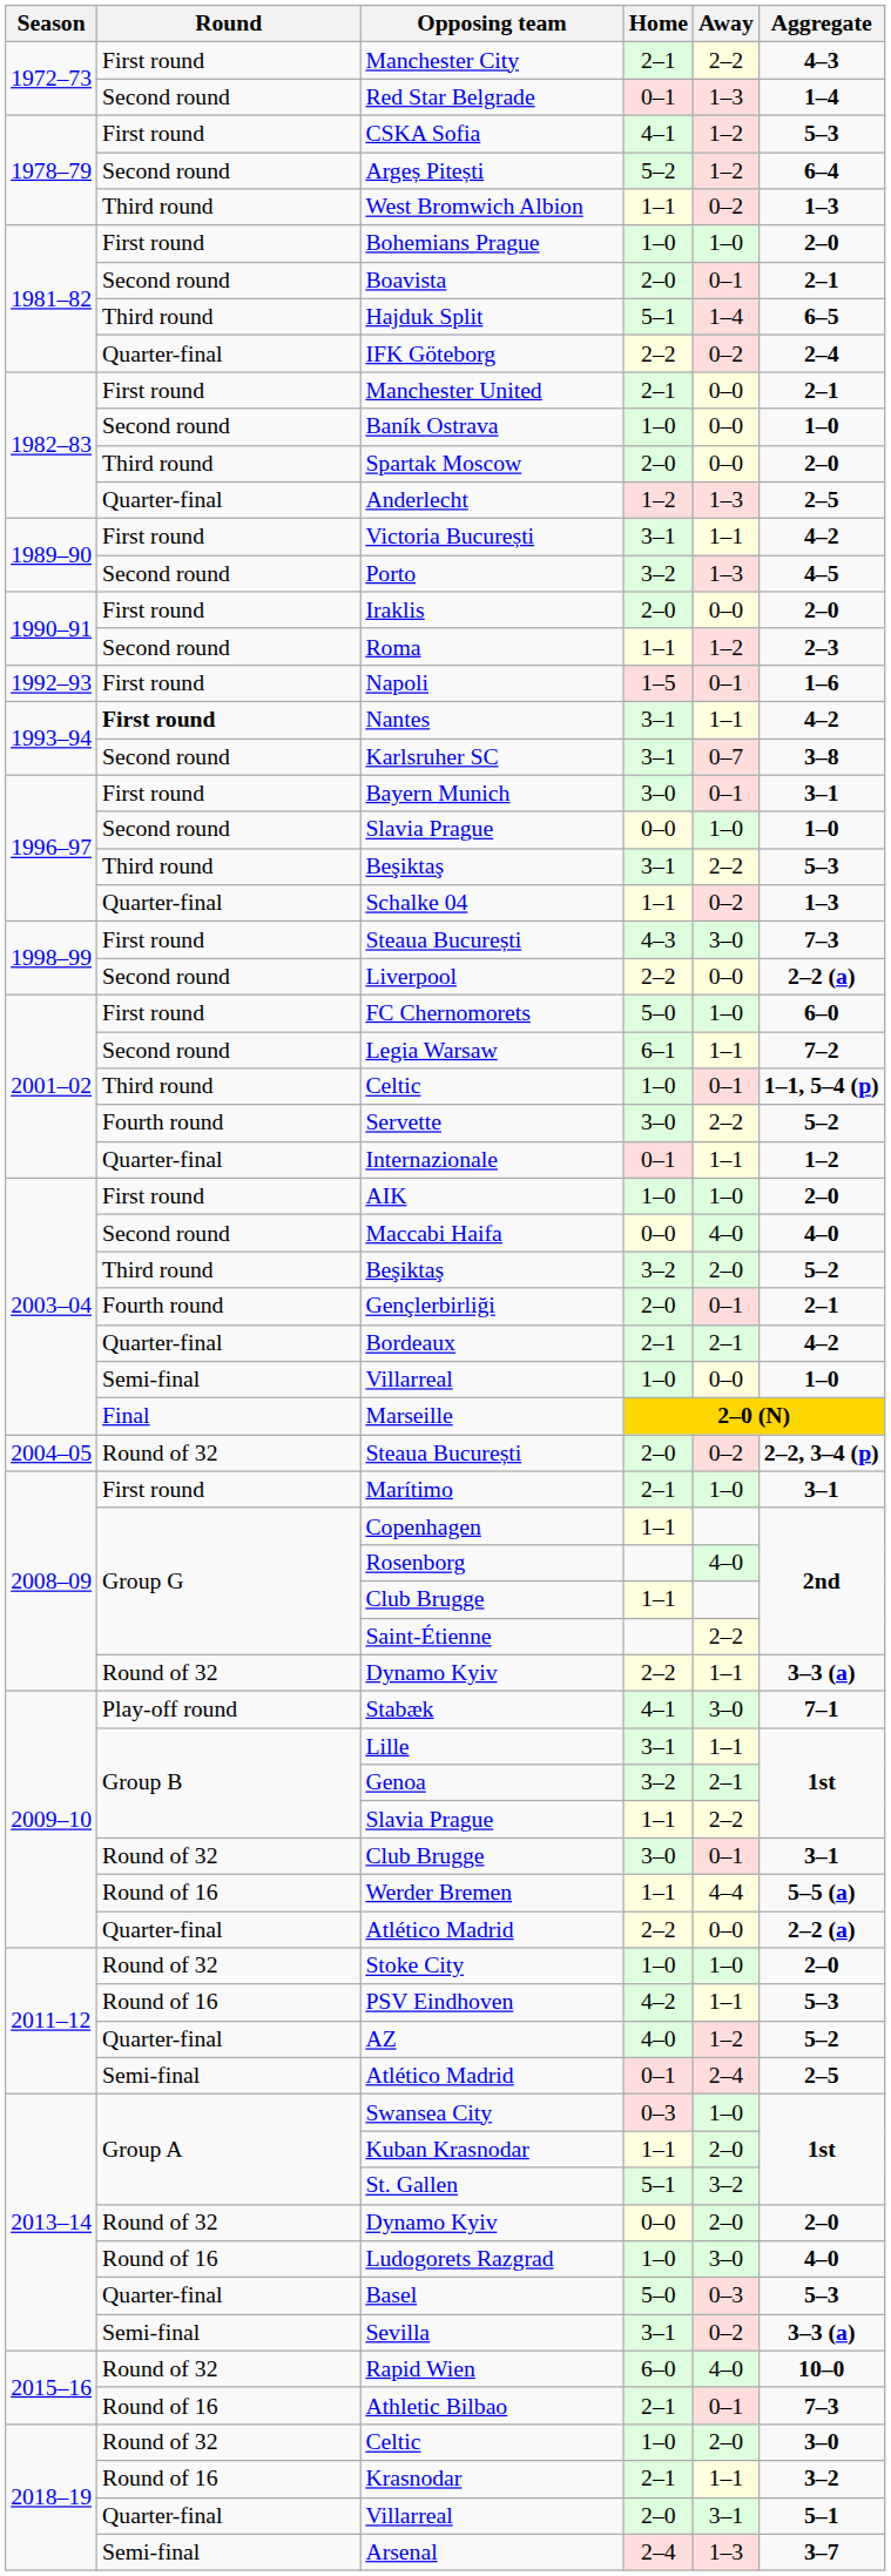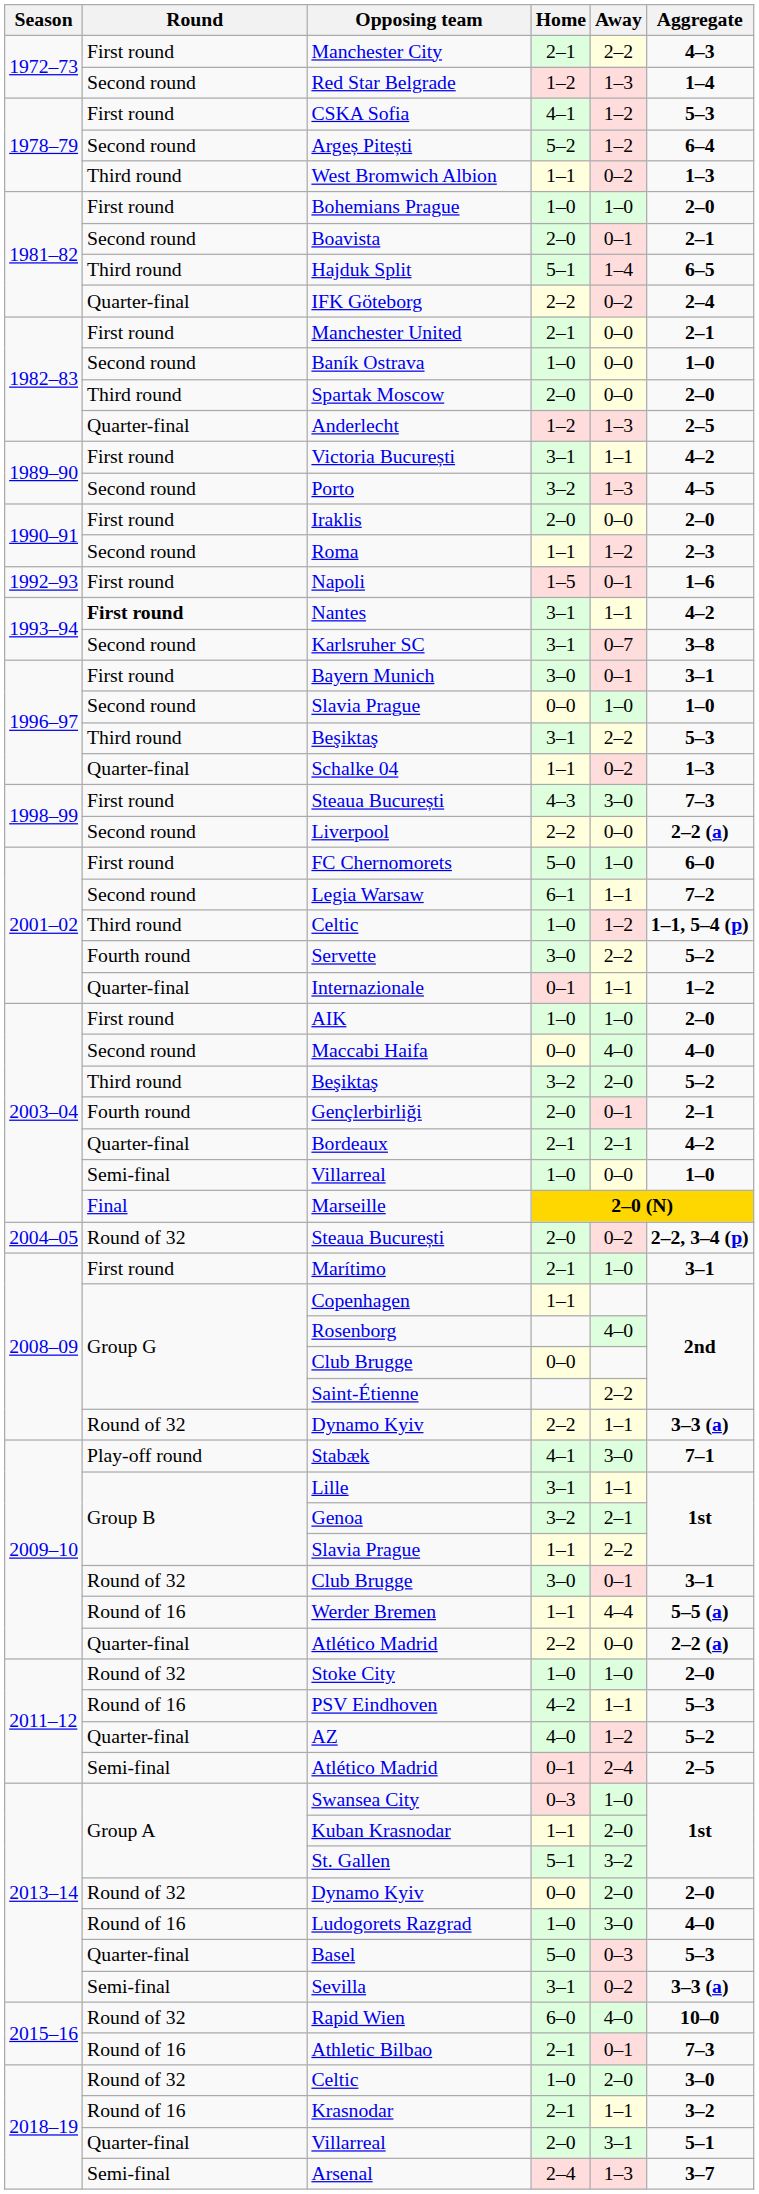 <table class="wikitable">
 <tr>
 <th>Season</th>
 <th width=175>Round</th>
 <th width=175>Opposing team</th>
 <th>Home</th>
 <th>Away</th>
 <th>Aggregate</th>
 </tr>
 <tr>
 <td rowspan="2"><a href='#'>1972–73</a></td>
 <td>First round</td>
 <td> <a href='#'>Manchester City</a></td>
 <td style="text-align:center; background:#dfd;">2–1</td>
 <td style="text-align:center; background:#ffd;">2–2</td>
 <td style="text-align:center;"><strong>4–3</strong></td>
 </tr>
 <tr>
 <td>Second round</td>
 <td> <a href='#'>Red Star Belgrade</a></td>
-<td style="text-align:center; background:#fdd;">0–1</td>
+<td style="text-align:center; background:#fdd;">1–2</td>
 <td style="text-align:center; background:#fdd;">1–3</td>
 <td style="text-align:center;"><strong>1–4</strong></td>
 </tr>
 <tr>
 <td rowspan="3"><a href='#'>1978–79</a></td>
 <td>First round</td>
 <td> <a href='#'>CSKA Sofia</a></td>
 <td style="text-align:center; background:#dfd;">4–1</td>
 <td style="text-align:center; background:#fdd;">1–2</td>
 <td style="text-align:center;"><strong>5–3</strong></td>
 </tr>
 <tr>
 <td>Second round</td>
 <td> <a href='#'>Argeș Pitești</a></td>
 <td style="text-align:center; background:#dfd;">5–2</td>
 <td style="text-align:center; background:#fdd;">1–2</td>
 <td style="text-align:center;"><strong>6–4</strong></td>
 </tr>
 <tr>
 <td>Third round</td>
 <td> <a href='#'>West Bromwich Albion</a></td>
 <td style="text-align:center; background:#ffd;">1–1</td>
 <td style="text-align:center; background:#fdd;">0–2</td>
 <td style="text-align:center;"><strong>1–3</strong></td>
 </tr>
 <tr>
 <td rowspan="4"><a href='#'>1981–82</a></td>
 <td>First round</td>
 <td> <a href='#'>Bohemians Prague</a></td>
 <td style="text-align:center; background:#dfd;">1–0</td>
 <td style="text-align:center; background:#dfd;">1–0</td>
 <td style="text-align:center;"><strong>2–0</strong></td>
 </tr>
 <tr>
 <td>Second round</td>
 <td> <a href='#'>Boavista</a></td>
 <td style="text-align:center; background:#dfd;">2–0</td>
 <td style="text-align:center; background:#fdd;">0–1</td>
 <td style="text-align:center;"><strong>2–1</strong></td>
 </tr>
 <tr>
 <td>Third round</td>
 <td> <a href='#'>Hajduk Split</a></td>
 <td style="text-align:center; background:#dfd;">5–1</td>
 <td style="text-align:center; background:#fdd;">1–4</td>
 <td style="text-align:center;"><strong>6–5</strong></td>
 </tr>
 <tr>
 <td>Quarter-final</td>
 <td> <a href='#'>IFK Göteborg</a></td>
 <td style="text-align:center; background:#ffd;">2–2</td>
 <td style="text-align:center; background:#fdd;">0–2</td>
 <td style="text-align:center;"><strong>2–4</strong></td>
 </tr>
 <tr>
 <td rowspan="4"><a href='#'>1982–83</a></td>
 <td>First round</td>
 <td> <a href='#'>Manchester United</a></td>
 <td style="text-align:center; background:#dfd;">2–1</td>
 <td style="text-align:center; background:#ffd;">0–0</td>
 <td style="text-align:center;"><strong>2–1</strong></td>
 </tr>
 <tr>
 <td>Second round</td>
 <td> <a href='#'>Baník Ostrava</a></td>
 <td style="text-align:center; background:#dfd;">1–0</td>
 <td style="text-align:center; background:#ffd;">0–0</td>
 <td style="text-align:center;"><strong>1–0</strong></td>
 </tr>
 <tr>
 <td>Third round</td>
 <td> <a href='#'>Spartak Moscow</a></td>
 <td style="text-align:center; background:#dfd;">2–0</td>
 <td style="text-align:center; background:#ffd;">0–0</td>
 <td style="text-align:center;"><strong>2–0</strong></td>
 </tr>
 <tr>
 <td>Quarter-final</td>
 <td> <a href='#'>Anderlecht</a></td>
 <td style="text-align:center; background:#fdd;">1–2</td>
 <td style="text-align:center; background:#fdd;">1–3</td>
 <td style="text-align:center;"><strong>2–5</strong></td>
 </tr>
 <tr>
 <td rowspan="2"><a href='#'>1989–90</a></td>
 <td>First round</td>
 <td> <a href='#'>Victoria București</a></td>
 <td style="text-align:center; background:#dfd;">3–1</td>
 <td style="text-align:center; background:#ffd;">1–1</td>
 <td style="text-align:center;"><strong>4–2</strong></td>
 </tr>
 <tr>
 <td>Second round</td>
 <td> <a href='#'>Porto</a></td>
 <td style="text-align:center; background:#dfd;">3–2</td>
 <td style="text-align:center; background:#fdd;">1–3</td>
 <td style="text-align:center;"><strong>4–5</strong></td>
 </tr>
 <tr>
 <td rowspan="2"><a href='#'>1990–91</a></td>
 <td>First round</td>
 <td> <a href='#'>Iraklis</a></td>
 <td style="text-align:center; background:#dfd;">2–0</td>
 <td style="text-align:center; background:#ffd;">0–0</td>
 <td style="text-align:center;"><strong>2–0</strong></td>
 </tr>
 <tr>
 <td>Second round</td>
 <td> <a href='#'>Roma</a></td>
 <td style="text-align:center; background:#ffd;">1–1</td>
 <td style="text-align:center; background:#fdd;">1–2</td>
 <td style="text-align:center;"><strong>2–3</strong></td>
 </tr>
 <tr>
 <td><a href='#'>1992–93</a></td>
 <td>First round</td>
 <td> <a href='#'>Napoli</a></td>
 <td style="text-align:center; background:#fdd;">1–5</td>
 <td style="text-align:center; background:#fdd;">0–1</td>
 <td style="text-align:center;"><strong>1–6</strong></td>
 </tr>
 <tr>
 <td rowspan="2"><a href='#'>1993–94</a></td>
 <td><strong>First round</strong></td>
 <td> <a href='#'>Nantes</a></td>
 <td style="text-align:center; background:#dfd;">3–1</td>
 <td style="text-align:center; background:#ffd;">1–1</td>
 <td style="text-align:center;"><strong>4–2</strong></td>
 </tr>
 <tr>
 <td>Second round</td>
 <td> <a href='#'>Karlsruher SC</a></td>
 <td style="text-align:center; background:#dfd;">3–1</td>
 <td style="text-align:center; background:#fdd;">0–7</td>
 <td style="text-align:center;"><strong>3–8</strong></td>
 </tr>
 <tr>
 <td rowspan="4"><a href='#'>1996–97</a></td>
 <td>First round</td>
 <td> <a href='#'>Bayern Munich</a></td>
 <td style="text-align:center; background:#dfd;">3–0</td>
 <td style="text-align:center; background:#fdd;">0–1</td>
 <td style="text-align:center;"><strong>3–1</strong></td>
 </tr>
 <tr>
 <td>Second round</td>
 <td> <a href='#'>Slavia Prague</a></td>
 <td style="text-align:center; background:#ffd;">0–0</td>
 <td style="text-align:center; background:#dfd;">1–0</td>
 <td style="text-align:center;"><strong>1–0</strong></td>
 </tr>
 <tr>
 <td>Third round</td>
 <td> <a href='#'>Beşiktaş</a></td>
 <td style="text-align:center; background:#dfd;">3–1</td>
 <td style="text-align:center; background:#ffd;">2–2</td>
 <td style="text-align:center;"><strong>5–3</strong></td>
 </tr>
 <tr>
 <td>Quarter-final</td>
 <td> <a href='#'>Schalke 04</a></td>
 <td style="text-align:center; background:#ffd;">1–1</td>
 <td style="text-align:center; background:#fdd;">0–2</td>
 <td style="text-align:center;"><strong>1–3</strong></td>
 </tr>
 <tr>
 <td rowspan="2"><a href='#'>1998–99</a></td>
 <td>First round</td>
 <td> <a href='#'>Steaua București</a></td>
 <td style="text-align:center; background:#dfd;">4–3</td>
 <td style="text-align:center; background:#dfd;">3–0</td>
 <td style="text-align:center;"><strong>7–3</strong></td>
 </tr>
 <tr>
 <td>Second round</td>
 <td> <a href='#'>Liverpool</a></td>
 <td style="text-align:center; background:#ffd;">2–2</td>
 <td style="text-align:center; background:#ffd;">0–0</td>
 <td style="text-align:center;"><strong>2–2 (<a href='#'>a</a>)</strong></td>
 </tr>
 <tr>
 <td rowspan="5"><a href='#'>2001–02</a></td>
 <td>First round</td>
 <td> <a href='#'>FC Chernomorets</a></td>
 <td style="text-align:center; background:#dfd;">5–0</td>
 <td style="text-align:center; background:#dfd;">1–0</td>
 <td style="text-align:center;"><strong>6–0</strong></td>
 </tr>
 <tr>
 <td>Second round</td>
 <td> <a href='#'>Legia Warsaw</a></td>
 <td style="text-align:center; background:#dfd;">6–1</td>
 <td style="text-align:center; background:#ffd;">1–1</td>
 <td style="text-align:center;"><strong>7–2</strong></td>
 </tr>
 <tr>
 <td>Third round</td>
 <td> <a href='#'>Celtic</a></td>
 <td style="text-align:center; background:#dfd;">1–0</td>
-<td style="text-align:center; background:#fdd;">0–1</td>
+<td style="text-align:center; background:#fdd;">1–2</td>
 <td style="text-align:center;"><strong>1–1, 5–4 (<a href='#'>p</a>)</strong></td>
 </tr>
 <tr>
 <td>Fourth round</td>
 <td> <a href='#'>Servette</a></td>
 <td style="text-align:center; background:#dfd;">3–0</td>
 <td style="text-align:center; background:#ffd;">2–2</td>
 <td style="text-align:center;"><strong>5–2</strong></td>
 </tr>
 <tr>
 <td>Quarter-final</td>
 <td> <a href='#'>Internazionale</a></td>
 <td style="text-align:center; background:#fdd;">0–1</td>
 <td style="text-align:center; background:#ffd;">1–1</td>
 <td style="text-align:center;"><strong>1–2</strong></td>
 </tr>
 <tr>
 <td rowspan="7"><a href='#'>2003–04</a></td>
 <td>First round</td>
 <td> <a href='#'>AIK</a></td>
 <td style="text-align:center; background:#dfd;">1–0</td>
 <td style="text-align:center; background:#dfd;">1–0</td>
 <td style="text-align:center;"><strong>2–0</strong></td>
 </tr>
 <tr>
 <td>Second round</td>
 <td> <a href='#'>Maccabi Haifa</a></td>
 <td style="text-align:center; background:#ffd;">0–0</td>
 <td style="text-align:center; background:#dfd;">4–0</td>
 <td style="text-align:center;"><strong>4–0</strong></td>
 </tr>
 <tr>
 <td>Third round</td>
 <td> <a href='#'>Beşiktaş</a></td>
 <td style="text-align:center; background:#dfd;">3–2</td>
 <td style="text-align:center; background:#dfd;">2–0</td>
 <td style="text-align:center;"><strong>5–2</strong></td>
 </tr>
 <tr>
 <td>Fourth round</td>
 <td> <a href='#'>Gençlerbirliği</a></td>
 <td style="text-align:center; background:#dfd;">2–0</td>
 <td style="text-align:center; background:#fdd;">0–1</td>
 <td style="text-align:center;"><strong>2–1</strong></td>
 </tr>
 <tr>
 <td>Quarter-final</td>
 <td> <a href='#'>Bordeaux</a></td>
 <td style="text-align:center; background:#dfd;">2–1</td>
 <td style="text-align:center; background:#dfd;">2–1</td>
 <td style="text-align:center;"><strong>4–2</strong></td>
 </tr>
 <tr>
 <td>Semi-final</td>
 <td> <a href='#'>Villarreal</a></td>
 <td style="text-align:center; background:#dfd;">1–0</td>
 <td style="text-align:center; background:#ffd;">0–0</td>
 <td style="text-align:center;"><strong>1–0</strong></td>
 </tr>
 <tr>
 <td><a href='#'>Final</a></td>
 <td> <a href='#'>Marseille</a></td>
 <td bgcolor="gold" colspan="3" style="text-align:center;"><strong>2–0 (N)</strong></td>
 </tr>
 <tr>
 <td><a href='#'>2004–05</a></td>
 <td>Round of 32</td>
 <td> <a href='#'>Steaua București</a></td>
 <td style="text-align:center; background:#dfd;">2–0</td>
 <td style="text-align:center; background:#fdd;">0–2</td>
 <td style="text-align:center;"><strong>2–2, 3–4 (<a href='#'>p</a>) </strong></td>
 </tr>
 <tr>
 <td rowspan="6"><a href='#'>2008–09</a></td>
 <td>First round</td>
 <td> <a href='#'>Marítimo</a></td>
 <td style="text-align:center; background:#dfd;">2–1</td>
 <td style="text-align:center; background:#dfd;">1–0</td>
 <td style="text-align:center;"><strong>3–1</strong></td>
 </tr>
 <tr>
 <td rowspan=4>Group G</td>
 <td> <a href='#'>Copenhagen</a></td>
 <td style="text-align:center; background:#ffd;">1–1</td>
 <td></td>
 <td style="text-align:center;" rowspan=4><strong>2nd</strong></td>
 </tr>
 <tr>
 <td> <a href='#'>Rosenborg</a></td>
 <td></td>
 <td style="text-align:center; background:#dfd;">4–0</td>
 </tr>
 <tr>
 <td> <a href='#'>Club Brugge</a></td>
-<td style="text-align:center; background:#ffd;">1–1</td>
+<td style="text-align:center; background:#ffd;">0–0</td>
 <td></td>
 </tr>
 <tr>
 <td> <a href='#'>Saint-Étienne</a></td>
 <td></td>
 <td style="text-align:center; background:#ffd;">2–2</td>
 </tr>
 <tr>
 <td>Round of 32</td>
 <td> <a href='#'>Dynamo Kyiv</a></td>
 <td style="text-align:center; background:#ffd;">2–2</td>
 <td style="text-align:center; background:#ffd;">1–1</td>
 <td style="text-align:center;"><strong>3–3 (<a href='#'>a</a>)</strong></td>
 </tr>
 <tr>
 <td rowspan="7"><a href='#'>2009–10</a></td>
 <td>Play-off round</td>
 <td> <a href='#'>Stabæk</a></td>
 <td style="text-align:center; background:#dfd;">4–1</td>
 <td style="text-align:center; background:#dfd;">3–0</td>
 <td style="text-align:center;"><strong>7–1</strong></td>
 </tr>
 <tr>
 <td rowspan=3>Group B</td>
 <td> <a href='#'>Lille</a></td>
 <td style="text-align:center; background:#dfd;">3–1</td>
 <td style="text-align:center; background:#ffd;">1–1</td>
 <td style="text-align:center;" rowspan=3><strong>1st</strong></td>
 </tr>
 <tr>
 <td> <a href='#'>Genoa</a></td>
 <td style="text-align:center; background:#dfd;">3–2</td>
 <td style="text-align:center; background:#dfd;">2–1</td>
 </tr>
 <tr>
 <td> <a href='#'>Slavia Prague</a></td>
 <td style="text-align:center; background:#ffd;">1–1</td>
 <td style="text-align:center; background:#ffd;">2–2</td>
 </tr>
 <tr>
 <td>Round of 32</td>
 <td> <a href='#'>Club Brugge</a></td>
 <td style="text-align:center; background:#dfd;">3–0</td>
 <td style="text-align:center; background:#fdd;">0–1</td>
 <td style="text-align:center;"><strong>3–1</strong></td>
 </tr>
 <tr>
 <td>Round of 16</td>
 <td> <a href='#'>Werder Bremen</a></td>
 <td style="text-align:center; background:#ffd;">1–1</td>
 <td style="text-align:center; background:#ffd;">4–4</td>
 <td style="text-align:center;"><strong>5–5 (<a href='#'>a</a>)</strong></td>
 </tr>
 <tr>
 <td>Quarter-final</td>
 <td> <a href='#'>Atlético Madrid</a></td>
 <td style="text-align:center; background:#ffd;">2–2</td>
 <td style="text-align:center; background:#ffd;">0–0</td>
 <td style="text-align:center;"><strong>2–2 (<a href='#'>a</a>)</strong></td>
 </tr>
 <tr>
 <td rowspan="4"><a href='#'>2011–12</a></td>
 <td>Round of 32</td>
 <td> <a href='#'>Stoke City</a></td>
 <td style="text-align:center; background:#dfd;">1–0</td>
 <td style="text-align:center; background:#dfd;">1–0</td>
 <td style="text-align:center;"><strong>2–0</strong></td>
 </tr>
 <tr>
 <td>Round of 16</td>
 <td> <a href='#'>PSV Eindhoven</a></td>
 <td style="text-align:center; background:#dfd;">4–2</td>
 <td style="text-align:center; background:#ffd;">1–1</td>
 <td style="text-align:center;"><strong>5–3</strong></td>
 </tr>
 <tr>
 <td>Quarter-final</td>
 <td> <a href='#'>AZ</a></td>
 <td style="text-align:center; background:#dfd;">4–0</td>
 <td style="text-align:center; background:#fdd;">1–2</td>
 <td style="text-align:center;"><strong>5–2</strong></td>
 </tr>
 <tr>
 <td>Semi-final</td>
 <td> <a href='#'>Atlético Madrid</a></td>
 <td style="text-align:center; background:#fdd;">0–1</td>
 <td style="text-align:center; background:#fdd;">2–4</td>
 <td style="text-align:center;"><strong>2–5</strong></td>
 </tr>
 <tr>
 <td rowspan="7"><a href='#'>2013–14</a></td>
 <td rowspan="3">Group A</td>
 <td> <a href='#'>Swansea City</a></td>
 <td style="text-align:center; background:#fdd;">0–3</td>
 <td style="text-align:center; background:#dfd;">1–0</td>
 <td style="text-align:center;" rowspan=3><strong>1st</strong></td>
 </tr>
 <tr>
 <td> <a href='#'>Kuban Krasnodar</a></td>
 <td style="text-align:center; background:#ffd;">1–1</td>
 <td style="text-align:center; background:#dfd;">2–0</td>
 </tr>
 <tr>
 <td> <a href='#'>St. Gallen</a></td>
 <td style="text-align:center; background:#dfd;">5–1</td>
 <td style="text-align:center; background:#dfd;">3–2</td>
 </tr>
 <tr>
 <td>Round of 32</td>
 <td> <a href='#'>Dynamo Kyiv</a></td>
 <td style="text-align:center; background:#ffd;">0–0</td>
 <td style="text-align:center; background:#dfd;">2–0</td>
 <td style="text-align:center;"><strong>2–0</strong></td>
 </tr>
 <tr>
 <td>Round of 16</td>
 <td> <a href='#'>Ludogorets Razgrad</a></td>
 <td style="text-align:center; background:#dfd;">1–0</td>
 <td style="text-align:center; background:#dfd;">3–0</td>
 <td style="text-align:center;"><strong>4–0</strong></td>
 </tr>
 <tr>
 <td>Quarter-final</td>
 <td> <a href='#'>Basel</a></td>
 <td style="text-align:center; background:#dfd;">5–0 </td>
 <td style="text-align:center; background:#fdd;">0–3</td>
 <td style="text-align:center;"><strong>5–3</strong></td>
 </tr>
 <tr>
 <td>Semi-final</td>
 <td> <a href='#'>Sevilla</a></td>
 <td style="text-align:center; background:#dfd;">3–1</td>
 <td style="text-align:center; background:#fdd;">0–2</td>
 <td style="text-align:center;"><strong>3–3 (<a href='#'>a</a>)</strong></td>
 </tr>
 <tr>
 <td rowspan="2"><a href='#'>2015–16</a></td>
 <td>Round of 32</td>
 <td> <a href='#'>Rapid Wien</a></td>
 <td style="text-align:center; background:#dfd;">6–0</td>
 <td style="text-align:center; background:#dfd;">4–0</td>
 <td style="text-align:center;"><strong>10–0</strong></td>
 </tr>
 <tr>
 <td>Round of 16</td>
 <td> <a href='#'>Athletic Bilbao</a></td>
 <td style="text-align:center; background:#dfd;">2–1</td>
 <td style="text-align:center; background:#fdd;">0–1</td>
 <td style="text-align:center;"><strong>7–3</strong></td>
 </tr>
 <tr>
 <td rowspan="4"><a href='#'>2018–19</a></td>
 <td>Round of 32</td>
 <td> <a href='#'>Celtic</a></td>
 <td style="text-align:center; background:#dfd;">1–0</td>
 <td style="text-align:center; background:#dfd;">2–0</td>
 <td style="text-align:center;"><strong>3–0</strong></td>
 </tr>
 <tr>
 <td>Round of 16</td>
 <td> <a href='#'>Krasnodar</a></td>
 <td style="text-align:center; background:#dfd;">2–1</td>
 <td style="text-align:center; background:#ffd;">1–1</td>
 <td style="text-align:center;"><strong>3–2</strong></td>
 </tr>
 <tr>
 <td>Quarter-final</td>
 <td> <a href='#'>Villarreal</a></td>
 <td style="text-align:center; background:#dfd;">2–0</td>
 <td style="text-align:center; background:#dfd;">3–1</td>
 <td style="text-align:center;"><strong>5–1</strong></td>
 </tr>
 <tr>
 <td>Semi-final</td>
 <td> <a href='#'>Arsenal</a></td>
 <td style="text-align:center; background:#fdd;">2–4</td>
 <td style="text-align:center; background:#fdd;">1–3</td>
 <td style="text-align:center;"><strong>3–7</strong></td>
 </tr>
 </table>
